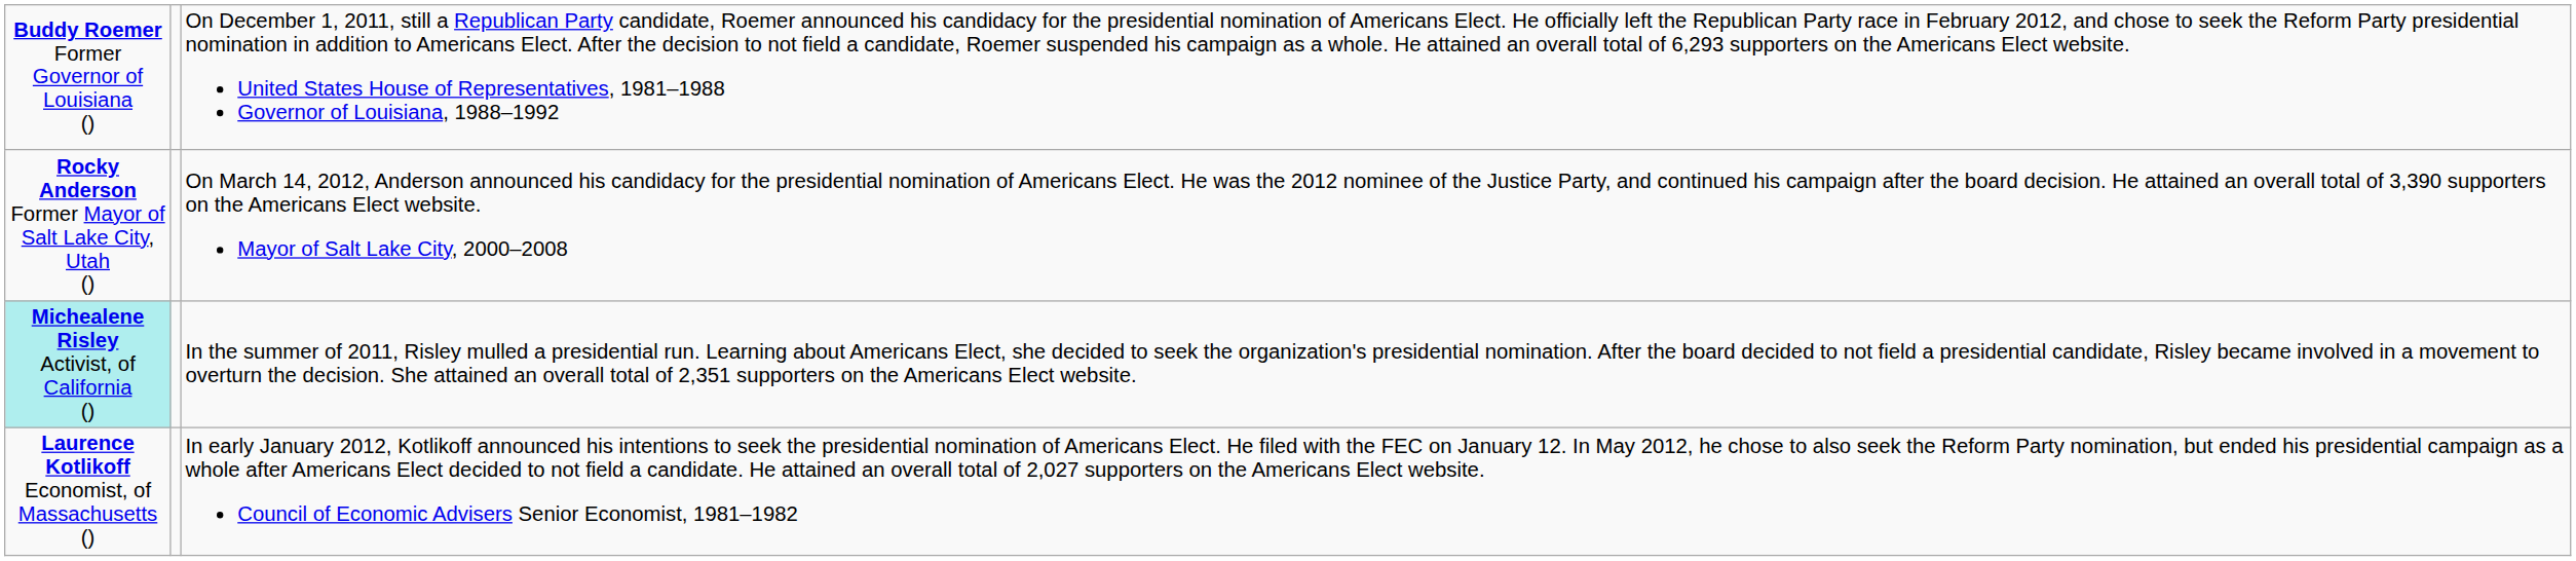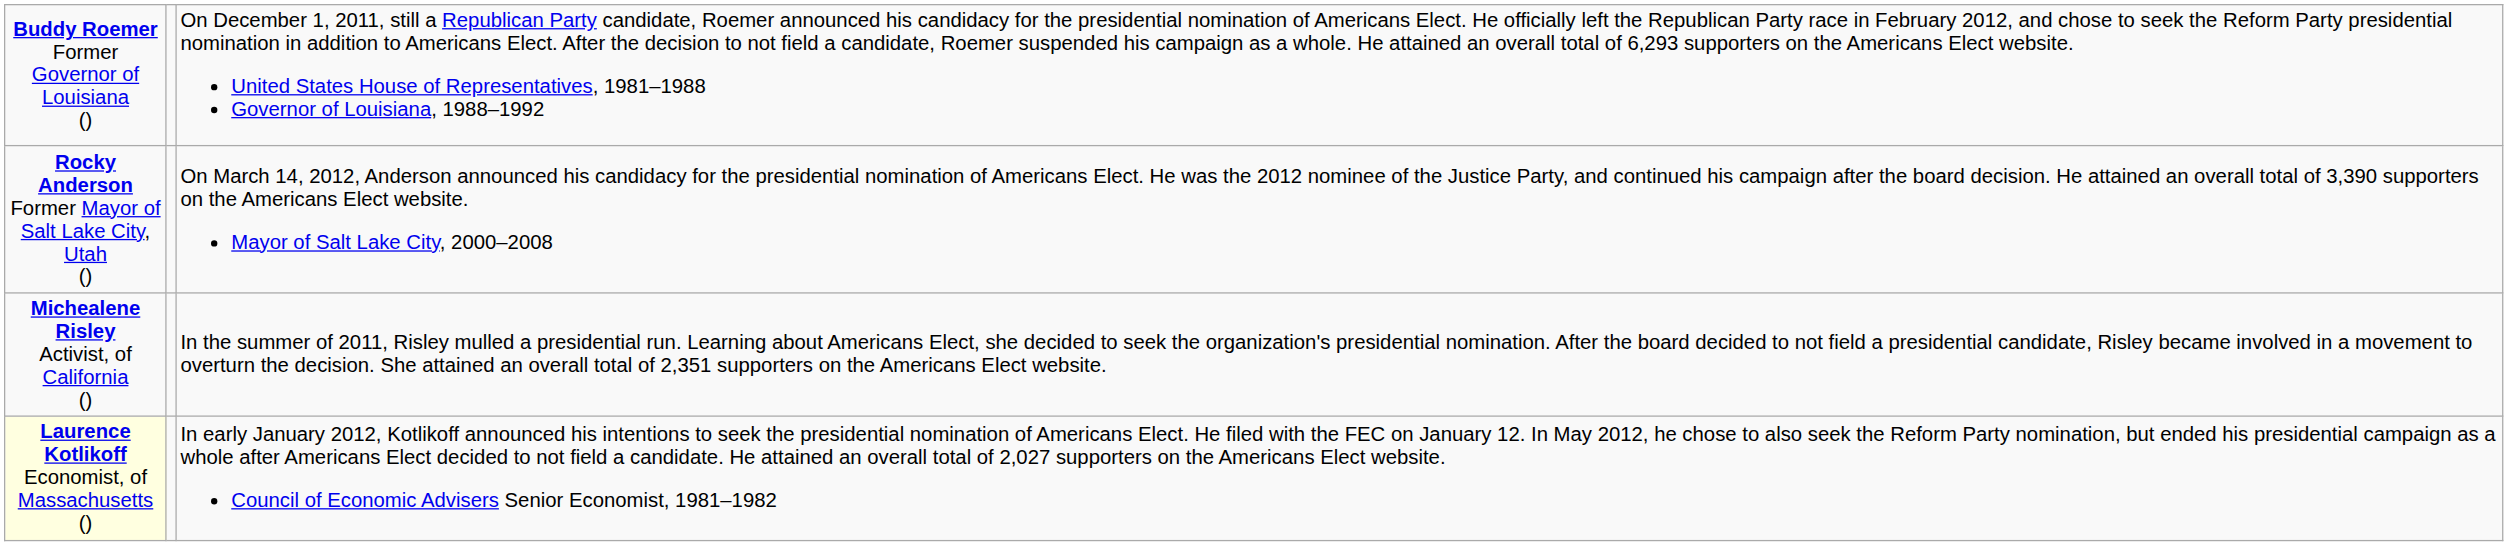 <table class=wikitable>
 <tr>
 <td style="text-align:center; width:120px;"><strong><a href='#'>Buddy Roemer</a></strong><br>Former <a href='#'>Governor of Louisiana</a><br>()</td>
 <td></td>
 <td>On December 1, 2011, still a <a href='#'>Republican Party</a> candidate, Roemer announced his candidacy for the presidential nomination of Americans Elect. He officially left the Republican Party race in February 2012, and chose to seek the Reform Party presidential nomination in addition to Americans Elect.  After the decision to not field a candidate, Roemer suspended his campaign as a whole. He attained an overall total of 6,293 supporters on the Americans Elect website.<br><ul><li><a href='#'>United States House of Representatives</a>, 1981–1988</li><li><a href='#'>Governor of Louisiana</a>, 1988–1992</li></ul></td>
 </tr>
 <tr>
 <td style="text-align:center; width:120px;"><strong><a href='#'>Rocky Anderson</a></strong><br>Former <a href='#'>Mayor of Salt Lake City</a>, <a href='#'>Utah</a><br>()</td>
 <td></td>
 <td>On March 14, 2012, Anderson announced his candidacy for the presidential nomination of Americans Elect. He was the 2012 nominee of the Justice Party, and continued his campaign after the board decision. He attained an overall total of 3,390 supporters on the Americans Elect website.<br><ul><li><a href='#'>Mayor of Salt Lake City</a>, 2000–2008</li></ul></td>
 </tr>
 <tr>
-<td style="background: paleturquoise; text-align:center; width:120px;"><strong><a href='#'>Michealene Risley</a></strong><br>Activist, of <a href='#'>California</a><br>()</td>
+<td style="text-align:center; width:120px;"><strong><a href='#'>Michealene Risley</a></strong><br>Activist, of <a href='#'>California</a><br>()</td>
 <td></td>
 <td>In the summer of 2011, Risley mulled a presidential run. Learning about Americans Elect, she decided to seek the organization's presidential nomination. After the board decided to not field a presidential candidate, Risley became involved in a movement to overturn the decision. She attained an overall total of 2,351 supporters on the Americans Elect website.</td>
 </tr>
 <tr>
-<td style="text-align:center; width:120px;"><strong><a href='#'>Laurence Kotlikoff</a></strong><br>Economist, of <a href='#'>Massachusetts</a><br>()</td>
+<td style="background: lightyellow; text-align:center; width:120px;"><strong><a href='#'>Laurence Kotlikoff</a></strong><br>Economist, of <a href='#'>Massachusetts</a><br>()</td>
 <td></td>
 <td>In early January 2012, Kotlikoff announced his intentions to seek the presidential nomination of Americans Elect. He filed with the FEC on January 12. In May 2012, he chose to also seek the Reform Party nomination, but ended his presidential campaign as a whole after Americans Elect decided to not field a candidate. He attained an overall total of 2,027 supporters on the Americans Elect website.<br><ul><li><a href='#'>Council of Economic Advisers</a> Senior Economist, 1981–1982</li></ul></td>
 </tr>
 </table>
